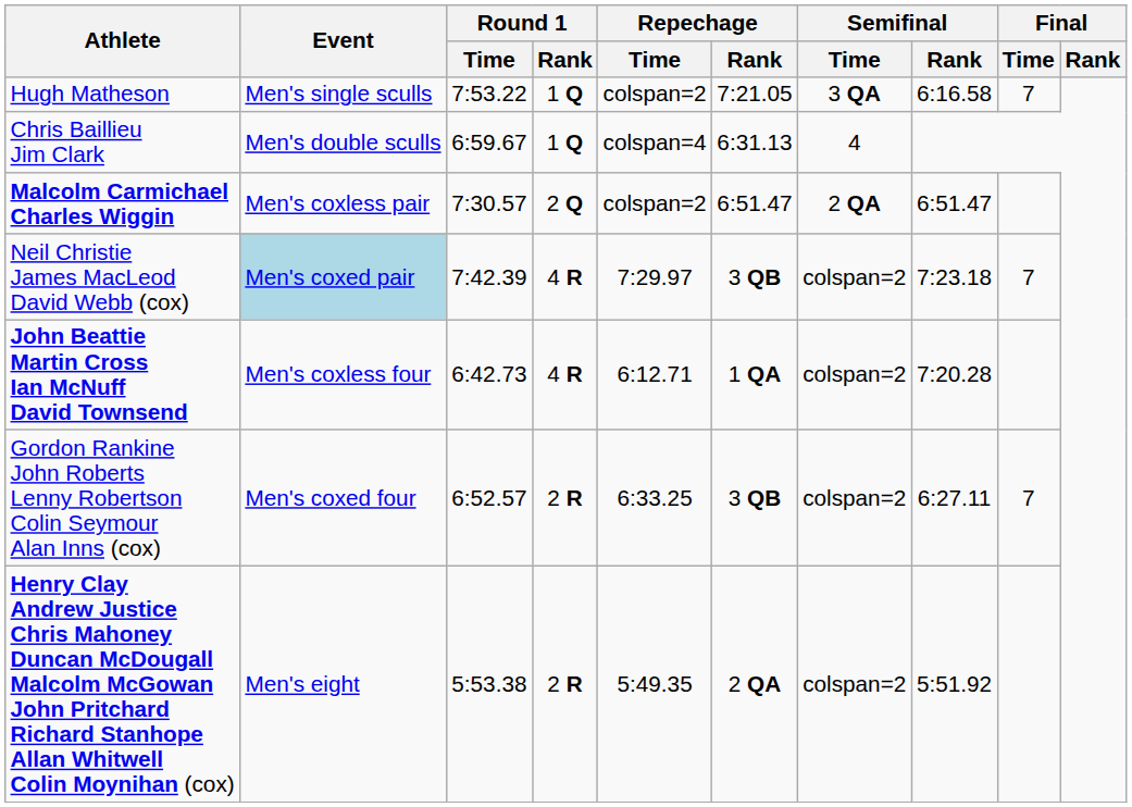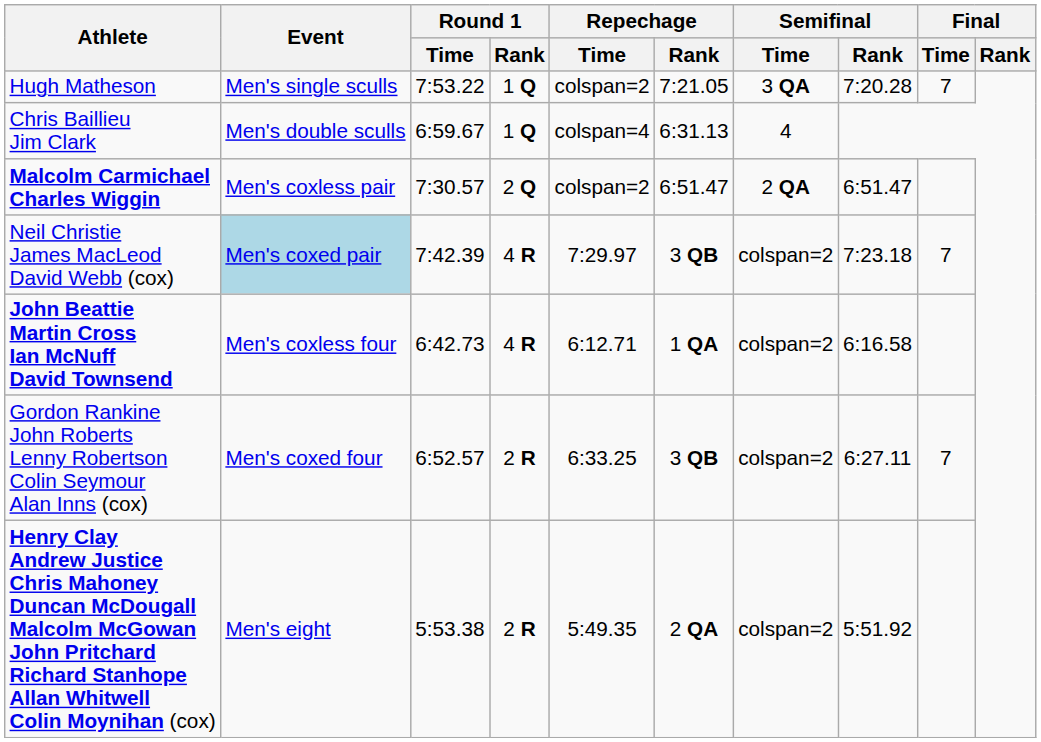 <table class="wikitable" style="font-size:90%;">
 <tr>
 <th rowspan=2>Athlete</th>
 <th rowspan=2>Event</th>
 <th colspan=2>Round 1</th>
 <th colspan=2>Repechage</th>
 <th colspan=2>Semifinal</th>
 <th colspan=2>Final</th>
 </tr>
 <tr>
 <th>Time</th>
 <th>Rank</th>
 <th>Time</th>
 <th>Rank</th>
 <th>Time</th>
 <th>Rank</th>
 <th>Time</th>
 <th>Rank</th>
 </tr>
 <tr align=center>
 <td align=left><a href='#'>Hugh Matheson</a></td>
 <td align=left><a href='#'>Men's single sculls</a></td>
 <td>7:53.22</td>
 <td>1 <strong>Q</strong></td>
 <td>colspan=2</td>
 <td>7:21.05</td>
 <td>3 <strong>QA</strong></td>
-<td>6:16.58</td>
+<td>7:20.28</td>
 <td>7</td>
 </tr>
 <tr align=center>
 <td align=left><a href='#'>Chris Baillieu</a><br><a href='#'>Jim Clark</a></td>
 <td align=left><a href='#'>Men's double sculls</a></td>
 <td>6:59.67</td>
 <td>1 <strong>Q</strong></td>
 <td>colspan=4</td>
 <td>6:31.13</td>
 <td>4</td>
 </tr>
 <tr align=center>
 <td align=left><strong><a href='#'>Malcolm Carmichael</a><br><a href='#'>Charles Wiggin</a></strong></td>
 <td align=left><a href='#'>Men's coxless pair</a></td>
 <td>7:30.57</td>
 <td>2 <strong>Q</strong></td>
 <td>colspan=2</td>
 <td>6:51.47</td>
 <td>2 <strong>QA</strong></td>
 <td>6:51.47</td>
 <td></td>
 </tr>
 <tr align=center>
 <td align=left><a href='#'>Neil Christie</a><br><a href='#'>James MacLeod</a><br><a href='#'>David Webb</a> (cox)</td>
 <td align=left style="background: lightblue;"><a href='#'>Men's coxed pair</a></td>
 <td>7:42.39</td>
 <td>4 <strong>R</strong></td>
 <td>7:29.97</td>
 <td>3 <strong>QB</strong></td>
 <td>colspan=2</td>
 <td>7:23.18</td>
 <td>7</td>
 </tr>
 <tr align=center>
 <td align=left><strong><a href='#'>John Beattie</a><br><a href='#'>Martin Cross</a><br><a href='#'>Ian McNuff</a><br><a href='#'>David Townsend</a></strong></td>
 <td align=left><a href='#'>Men's coxless four</a></td>
 <td>6:42.73</td>
 <td>4 <strong>R</strong></td>
 <td>6:12.71</td>
 <td>1 <strong>QA</strong></td>
 <td>colspan=2</td>
-<td>7:20.28</td>
+<td>6:16.58</td>
 <td></td>
 </tr>
 <tr align=center>
 <td align=left><a href='#'>Gordon Rankine</a><br><a href='#'>John Roberts</a><br><a href='#'>Lenny Robertson</a><br><a href='#'>Colin Seymour</a><br><a href='#'>Alan Inns</a> (cox)</td>
 <td align=left><a href='#'>Men's coxed four</a></td>
 <td>6:52.57</td>
 <td>2 <strong>R</strong></td>
 <td>6:33.25</td>
 <td>3 <strong>QB</strong></td>
 <td>colspan=2</td>
 <td>6:27.11</td>
 <td>7</td>
 </tr>
 <tr align=center>
 <td align=left><strong><a href='#'>Henry Clay</a><br><a href='#'>Andrew Justice</a><br><a href='#'>Chris Mahoney</a><br><a href='#'>Duncan McDougall</a><br><a href='#'>Malcolm McGowan</a><br><a href='#'>John Pritchard</a><br><a href='#'>Richard Stanhope</a><br><a href='#'>Allan Whitwell</a><br><a href='#'>Colin Moynihan</a></strong> (cox)</td>
 <td align=left><a href='#'>Men's eight</a></td>
 <td>5:53.38</td>
 <td>2 <strong>R</strong></td>
 <td>5:49.35</td>
 <td>2 <strong>QA</strong></td>
 <td>colspan=2</td>
 <td>5:51.92</td>
 <td></td>
 </tr>
 </table>
